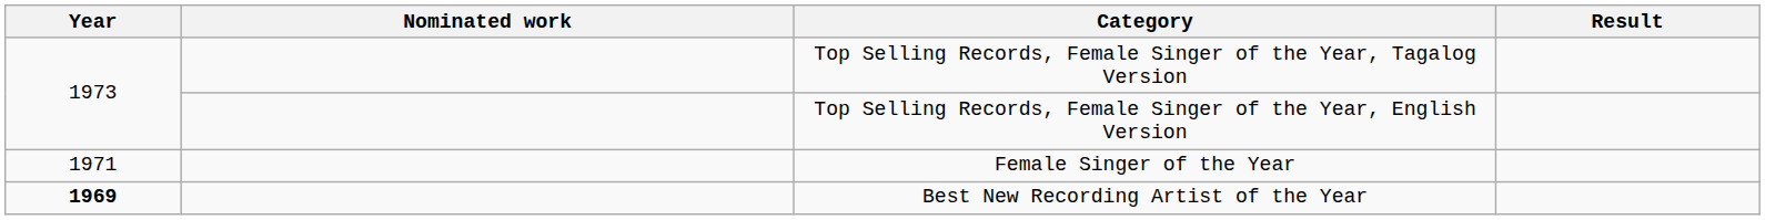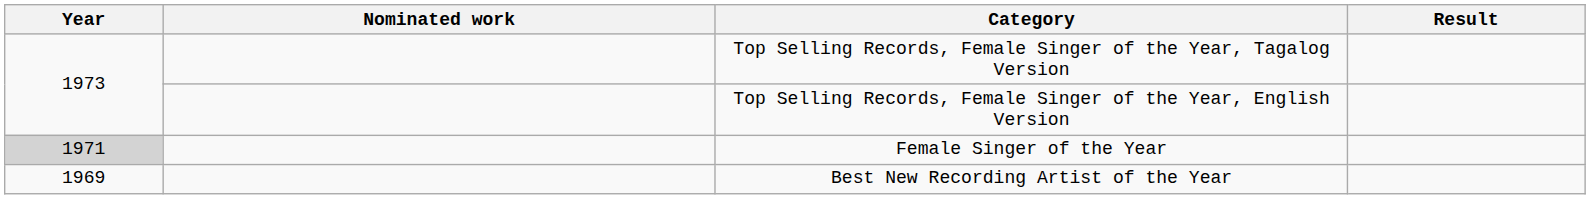 <table width="90%" class="wikitable sortable">
 <tr>
 <th width="10%">Year</th>
 <th width="35%">Nominated work</th>
 <th width="40%">Category</th>
 <th width="15%">Result</th>
 </tr>
 <tr>
 <td align="center" rowspan="2">1973</td>
 <td align="center"></td>
 <td align="center">Top Selling Records, Female Singer of the Year, Tagalog Version</td>
 <td></td>
 </tr>
 <tr>
 <td align="center"></td>
 <td align="center">Top Selling Records, Female Singer of the Year, English Version</td>
 <td></td>
 </tr>
 <tr>
-<td align="center">1971</td>
+<td align="center" style="background: lightgrey;">1971</td>
 <td align="center"></td>
 <td align="center">Female Singer of the Year</td>
 <td></td>
 </tr>
 <tr>
-<td align="center"><strong>1969</strong></td>
+<td align="center">1969</td>
 <td align="center"></td>
 <td align="center">Best New Recording Artist of the Year</td>
 <td></td>
 </tr>
 </table>
